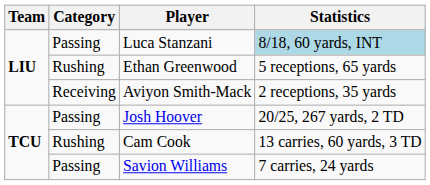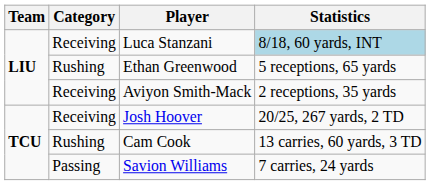 <table class="wikitable" style="float: right;">
 <tr>
 <th>Team</th>
 <th>Category</th>
 <th>Player</th>
 <th>Statistics</th>
 </tr>
 <tr>
 <td rowspan=3><strong>LIU</strong></td>
-<td>Passing</td>
+<td>Receiving</td>
 <td>Luca Stanzani</td>
 <td style="background: lightblue;">8/18, 60 yards, INT</td>
 </tr>
 <tr>
 <td>Rushing</td>
 <td>Ethan Greenwood</td>
 <td>5 receptions, 65 yards</td>
 </tr>
 <tr>
 <td>Receiving</td>
 <td>Aviyon Smith-Mack</td>
 <td>2 receptions, 35 yards</td>
 </tr>
 <tr>
 <td rowspan=3><strong>TCU</strong></td>
-<td>Passing</td>
+<td>Receiving</td>
 <td><a href='#'>Josh Hoover</a></td>
 <td>20/25, 267 yards, 2 TD</td>
 </tr>
 <tr>
 <td>Rushing</td>
 <td>Cam Cook</td>
 <td>13 carries, 60 yards, 3 TD</td>
 </tr>
 <tr>
 <td>Passing</td>
 <td><a href='#'>Savion Williams</a></td>
 <td>7 carries, 24 yards</td>
 </tr>
 </table>
